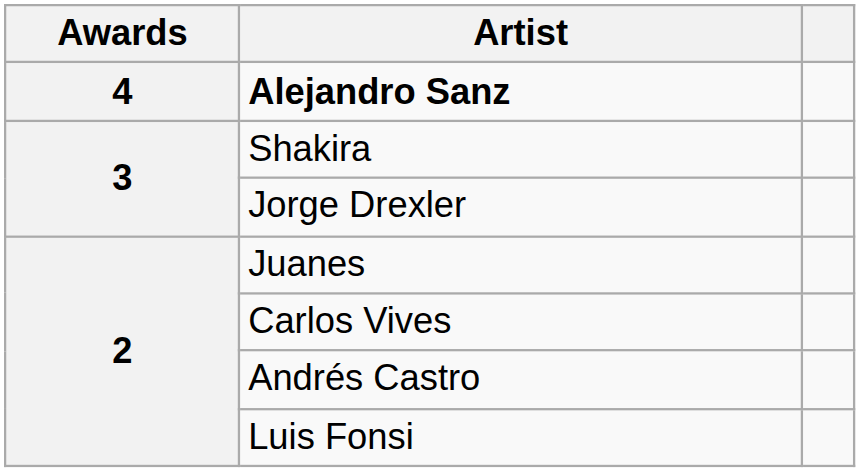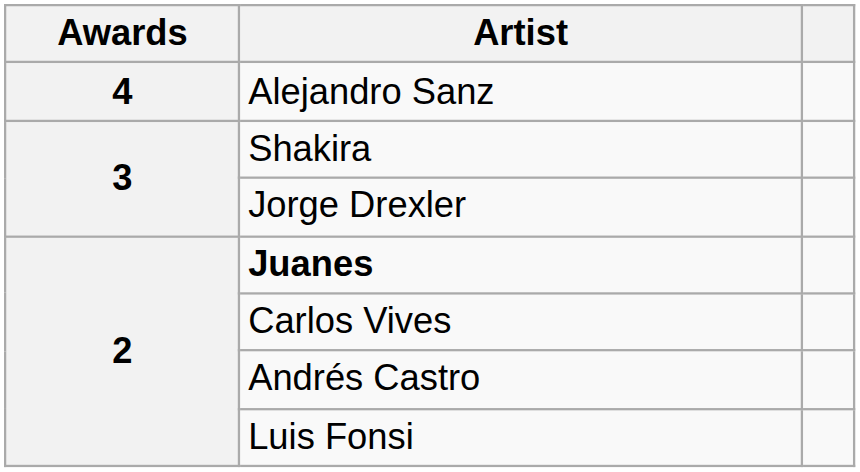 <table class="wikitable plainrowheaders">
 <tr>
 <th scope="col" style="width:6em;">Awards</th>
 <th scope="col" style="width:15em;">Artist</th>
 <th scope="col" style="width:1em;"></th>
 </tr>
 <tr>
 <th scope="row" style="text-align:center">4</th>
-<td><strong>Alejandro Sanz</strong></td>
+<td>Alejandro Sanz</td>
 <td></td>
 </tr>
 <tr>
 <th rowspan="2" scope="row" style="text-align:center">3</th>
 <td>Shakira</td>
 <td></td>
 </tr>
 <tr>
 <td>Jorge Drexler</td>
 <td></td>
 </tr>
 <tr>
 <th rowspan="4" scope="row" style="text-align:center">2</th>
-<td>Juanes</td>
+<td><strong>Juanes</strong></td>
 <td></td>
 </tr>
 <tr>
 <td>Carlos Vives</td>
 <td></td>
 </tr>
 <tr>
 <td>Andrés Castro</td>
 <td></td>
 </tr>
 <tr>
 <td>Luis Fonsi</td>
 <td></td>
 </tr>
 </table>
